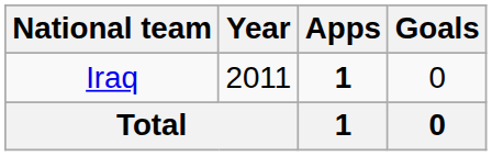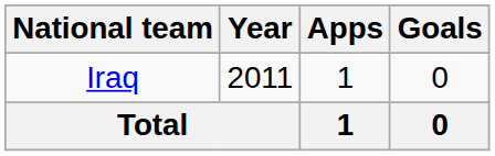 <table class="wikitable" style="text-align:center">
 <tr>
 <th>National team</th>
 <th>Year</th>
 <th>Apps</th>
 <th>Goals</th>
 </tr>
 <tr>
 <td rowspan="1"><a href='#'>Iraq</a></td>
 <td>2011</td>
-<td><strong>1</strong></td>
+<td>1</td>
 <td>0</td>
 </tr>
 <tr>
 <th colspan=2>Total</th>
 <th>1</th>
 <th>0</th>
 </tr>
 </table>
